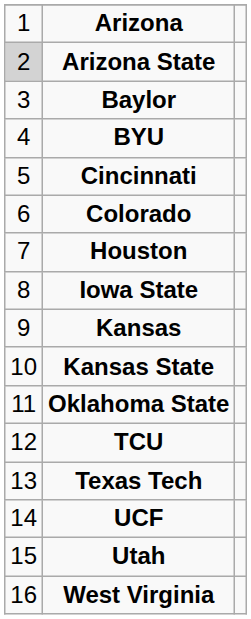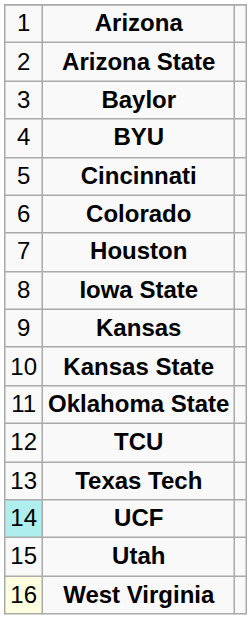 <table class="wikitable" style="display: inline-table;">
 <tr align="center">
 </tr>
 <tr align="center">
 <td>1</td>
 <td><strong>Arizona</strong></td>
 <td></td>
 </tr>
 <tr align="center">
-<td style="background: lightgrey;">2</td>
+<td>2</td>
 <td><strong>Arizona State</strong></td>
 <td></td>
 </tr>
 <tr align="center">
 <td>3</td>
 <td><strong>Baylor</strong></td>
 <td></td>
 </tr>
 <tr align="center">
 <td>4</td>
 <td><strong>BYU</strong></td>
 <td></td>
 </tr>
 <tr align="center">
 <td>5</td>
 <td><strong>Cincinnati</strong></td>
 <td></td>
 </tr>
 <tr align="center">
 <td>6</td>
 <td><strong>Colorado</strong></td>
 <td></td>
 </tr>
 <tr align="center">
 <td>7</td>
 <td><strong>Houston</strong></td>
 <td></td>
 </tr>
 <tr align="center">
 <td>8</td>
 <td><strong>Iowa State</strong></td>
 <td></td>
 </tr>
 <tr align="center">
 <td>9</td>
 <td><strong>Kansas</strong></td>
 <td></td>
 </tr>
 <tr align="center">
 <td>10</td>
 <td><strong>Kansas State</strong></td>
 <td></td>
 </tr>
 <tr align="center">
 <td>11</td>
 <td><strong>Oklahoma State</strong></td>
 <td></td>
 </tr>
 <tr align="center">
 <td>12</td>
 <td><strong>TCU</strong></td>
 <td></td>
 </tr>
 <tr align="center">
 <td>13</td>
 <td><strong>Texas Tech</strong></td>
 <td></td>
 </tr>
 <tr align="center">
-<td>14</td>
+<td style="background: paleturquoise;">14</td>
 <td><strong>UCF</strong></td>
 <td></td>
 </tr>
 <tr align="center">
 <td>15</td>
 <td><strong>Utah</strong></td>
 <td></td>
 </tr>
 <tr align="center">
-<td>16</td>
+<td style="background: lightyellow;">16</td>
 <td><strong>West Virginia</strong></td>
 <td></td>
 </tr>
 </table>
